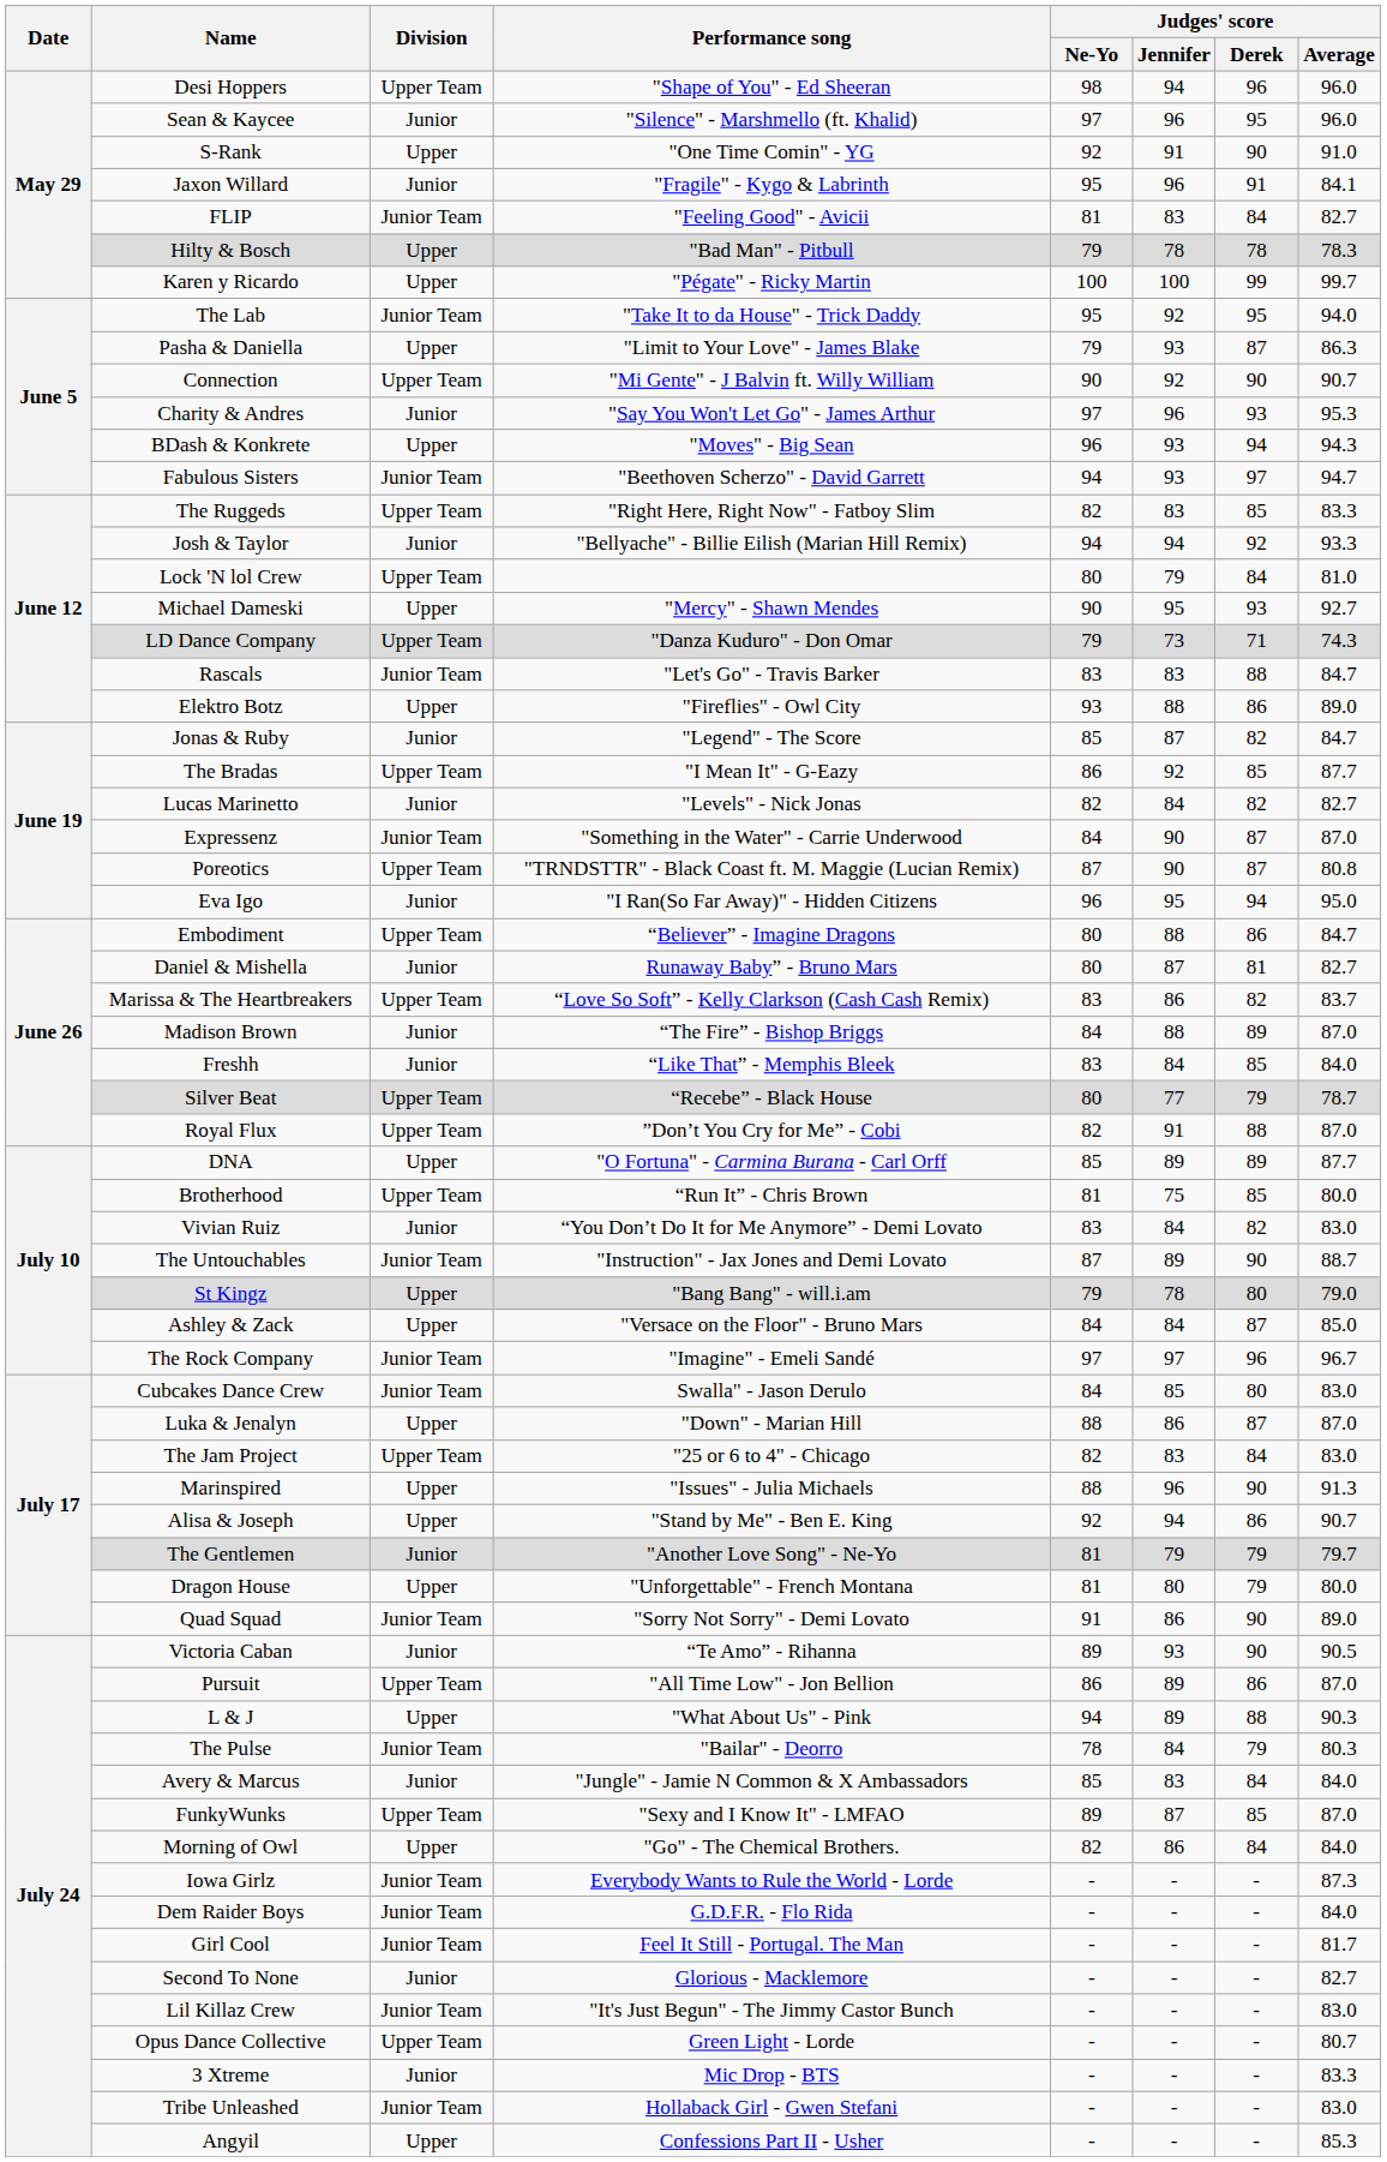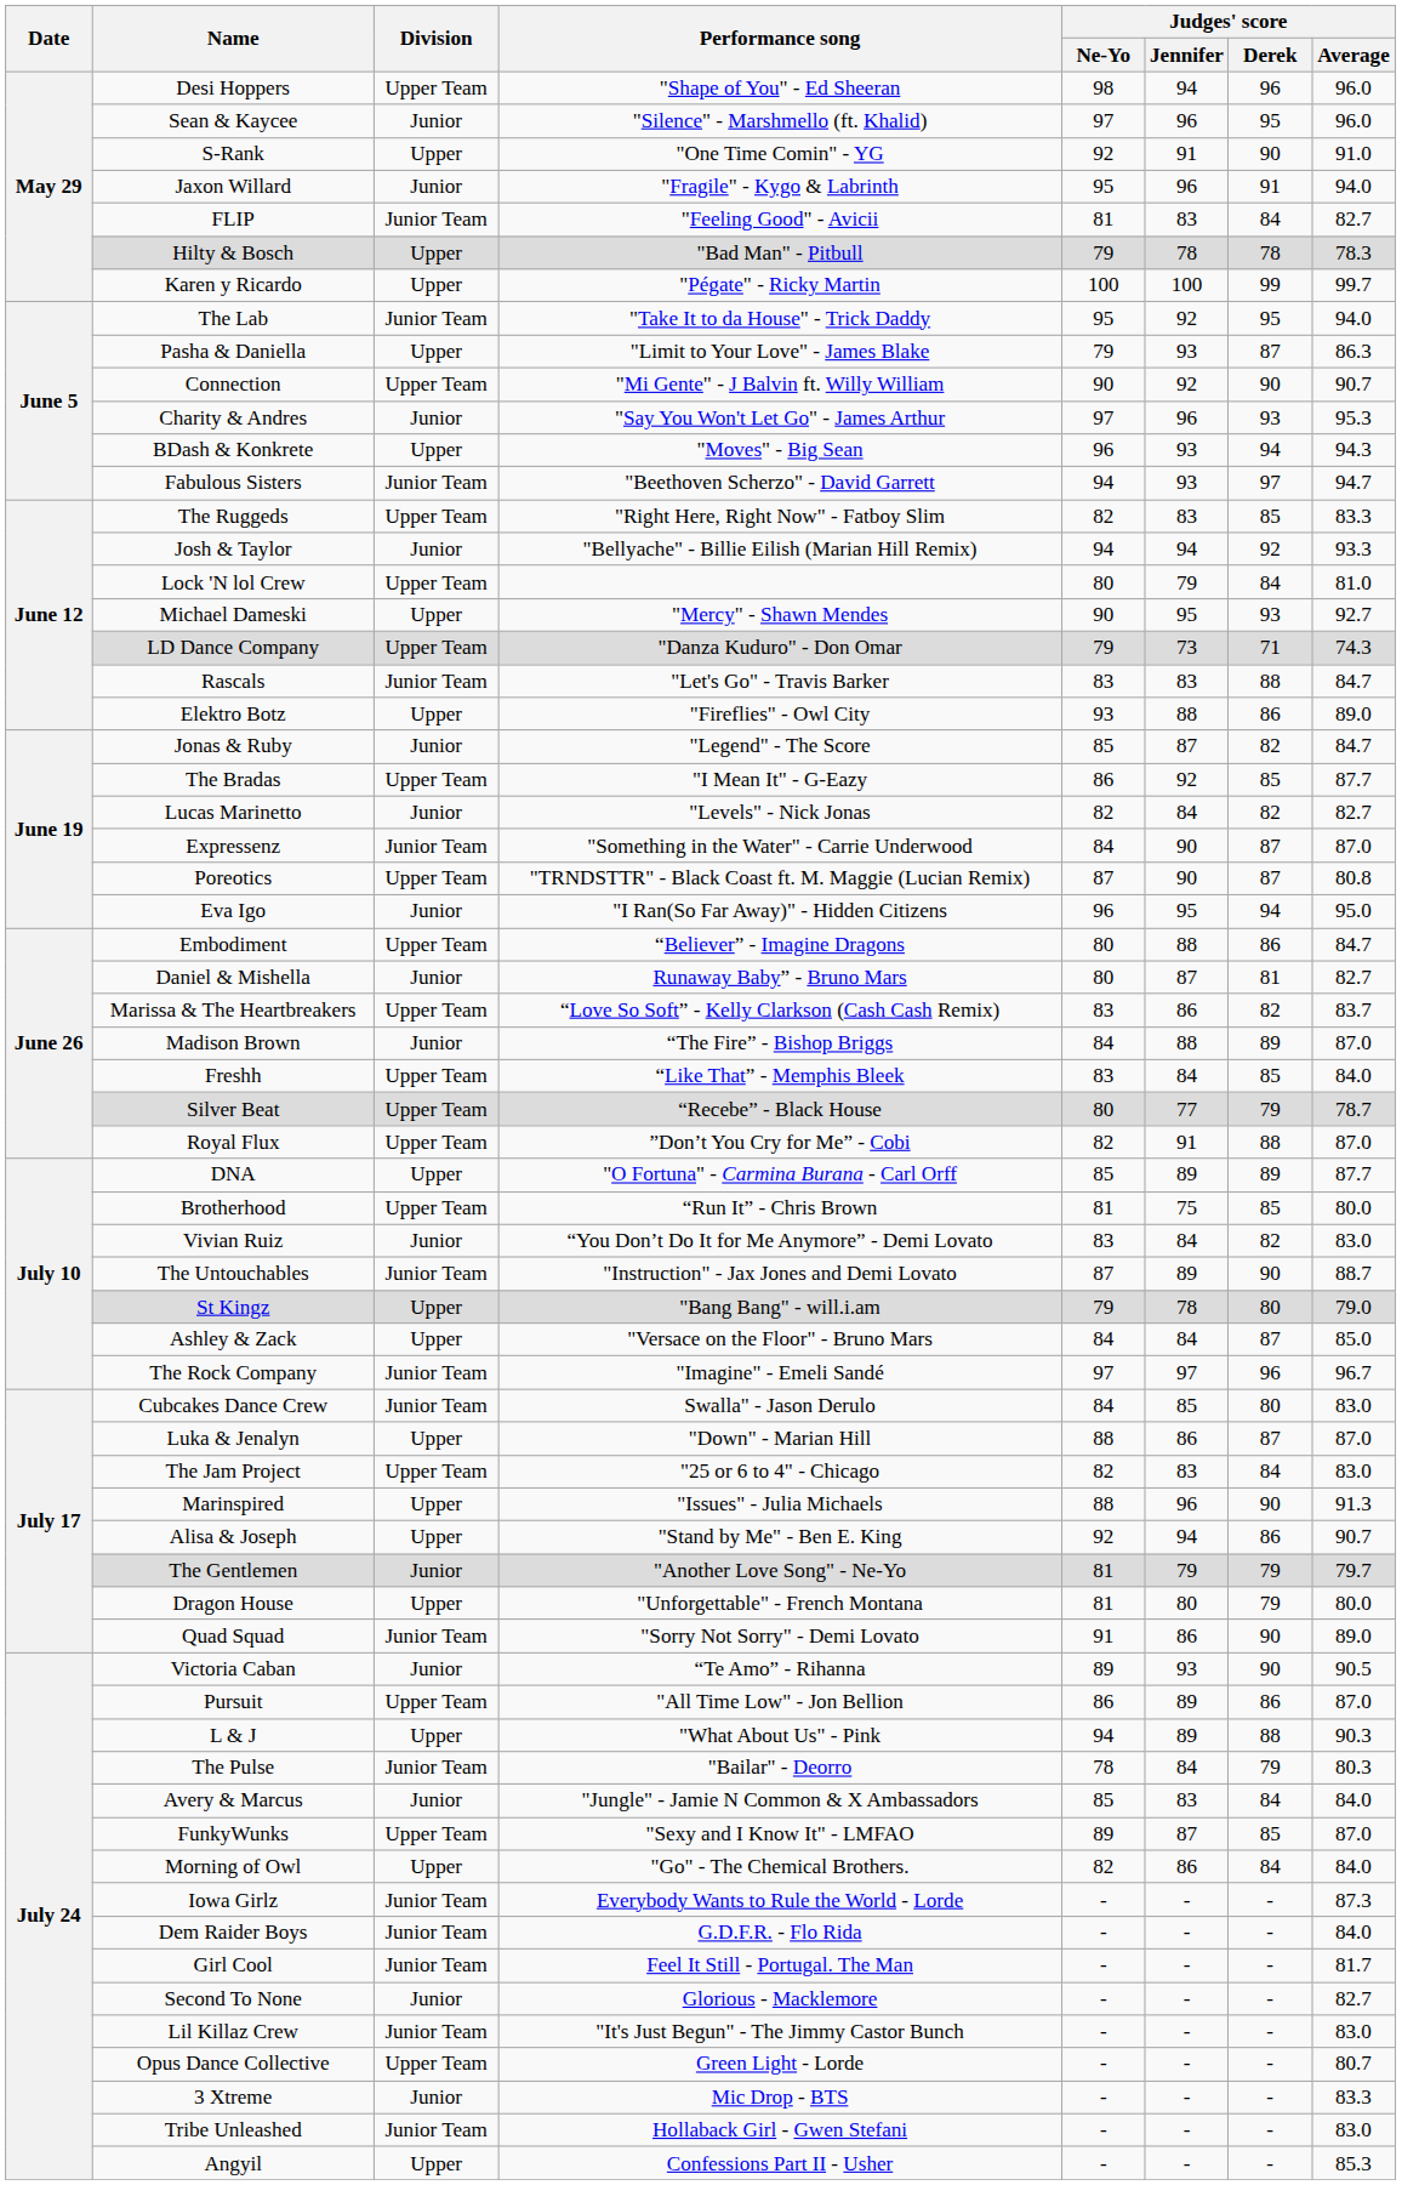 <table class="wikitable sortable" style="text-align:center;">
 <tr>
 <th scope="col" rowspan="2">Date</th>
 <th scope="col" rowspan="2">Name</th>
 <th scope="col" rowspan="2">Division</th>
 <th scope="col" rowspan="2" class="unsortable">Performance song</th>
 <th scope="col" colspan="4">Judges' score</th>
 </tr>
 <tr>
 <th style="width:06%;">Ne-Yo</th>
 <th style="width:06%;">Jennifer</th>
 <th style="width:06%;">Derek</th>
 <th style="width:06%;">Average</th>
 </tr>
 <tr>
 <th scope="row" rowspan="7">May 29</th>
 <td>Desi Hoppers</td>
 <td>Upper Team</td>
 <td>"<a href='#'>Shape of You</a>" - <a href='#'>Ed Sheeran</a></td>
 <td>98</td>
 <td>94</td>
 <td>96</td>
 <td>96.0</td>
 </tr>
 <tr>
 <td>Sean & Kaycee</td>
 <td>Junior</td>
 <td>"<a href='#'>Silence</a>" - <a href='#'>Marshmello</a> (ft. <a href='#'>Khalid</a>)</td>
 <td>97</td>
 <td>96</td>
 <td>95</td>
 <td>96.0</td>
 </tr>
 <tr>
 <td>S-Rank</td>
 <td>Upper</td>
 <td>"One Time Comin" - <a href='#'>YG</a></td>
 <td>92</td>
 <td>91</td>
 <td>90</td>
 <td>91.0</td>
 </tr>
 <tr>
 <td>Jaxon Willard</td>
 <td>Junior</td>
 <td>"<a href='#'>Fragile</a>" - <a href='#'>Kygo</a> & <a href='#'>Labrinth</a></td>
 <td>95</td>
 <td>96</td>
 <td>91</td>
-<td>84.1</td>
+<td>94.0</td>
 </tr>
 <tr>
 <td>FLIP</td>
 <td>Junior Team</td>
 <td>"<a href='#'>Feeling Good</a>" - <a href='#'>Avicii</a></td>
 <td>81</td>
 <td>83</td>
 <td>84</td>
 <td>82.7</td>
 </tr>
 <tr style="background:#DCDCDC;">
 <td>Hilty & Bosch</td>
 <td>Upper</td>
 <td>"Bad Man" - <a href='#'>Pitbull</a></td>
 <td>79</td>
 <td>78</td>
 <td>78</td>
 <td>78.3</td>
 </tr>
 <tr>
 <td>Karen y Ricardo</td>
 <td>Upper</td>
 <td>"<a href='#'>Pégate</a>" - <a href='#'>Ricky Martin</a></td>
 <td>100</td>
 <td>100</td>
 <td>99</td>
 <td>99.7</td>
 </tr>
 <tr>
 <th scope="row" rowspan="6">June 5</th>
 <td>The Lab</td>
 <td>Junior Team</td>
 <td>"<a href='#'>Take It to da House</a>" - <a href='#'>Trick Daddy</a></td>
 <td>95</td>
 <td>92</td>
 <td>95</td>
 <td>94.0</td>
 </tr>
 <tr>
 <td>Pasha & Daniella</td>
 <td>Upper</td>
 <td>"Limit to Your Love" - <a href='#'>James Blake</a></td>
 <td>79</td>
 <td>93</td>
 <td>87</td>
 <td>86.3</td>
 </tr>
 <tr>
 <td>Connection</td>
 <td>Upper Team</td>
 <td>"<a href='#'>Mi Gente</a>" - <a href='#'>J Balvin</a> ft. <a href='#'>Willy William</a></td>
 <td>90</td>
 <td>92</td>
 <td>90</td>
 <td>90.7</td>
 </tr>
 <tr>
 <td>Charity & Andres</td>
 <td>Junior</td>
 <td>"<a href='#'>Say You Won't Let Go</a>" - <a href='#'>James Arthur</a></td>
 <td>97</td>
 <td>96</td>
 <td>93</td>
 <td>95.3</td>
 </tr>
 <tr>
 <td>BDash & Konkrete</td>
 <td>Upper</td>
 <td>"<a href='#'>Moves</a>" - <a href='#'>Big Sean</a></td>
 <td>96</td>
 <td>93</td>
 <td>94</td>
 <td>94.3</td>
 </tr>
 <tr>
 <td>Fabulous Sisters</td>
 <td>Junior Team</td>
 <td>"Beethoven Scherzo" - <a href='#'>David Garrett</a></td>
 <td>94</td>
 <td>93</td>
 <td>97</td>
 <td>94.7</td>
 </tr>
 <tr>
 <th scope="row" rowspan="7">June 12</th>
 <td>The Ruggeds</td>
 <td>Upper Team</td>
 <td>"Right Here, Right Now" - Fatboy Slim</td>
 <td>82</td>
 <td>83</td>
 <td>85</td>
 <td>83.3</td>
 </tr>
 <tr>
 <td>Josh & Taylor</td>
 <td>Junior</td>
 <td>"Bellyache" - Billie Eilish (Marian Hill Remix)</td>
 <td>94</td>
 <td>94</td>
 <td>92</td>
 <td>93.3</td>
 </tr>
 <tr>
 <td>Lock 'N lol Crew</td>
 <td>Upper Team</td>
 <td></td>
 <td>80</td>
 <td>79</td>
 <td>84</td>
 <td>81.0</td>
 </tr>
 <tr>
 <td>Michael Dameski</td>
 <td>Upper</td>
 <td>"<a href='#'>Mercy</a>" - <a href='#'>Shawn Mendes</a></td>
 <td>90</td>
 <td>95</td>
 <td>93</td>
 <td>92.7</td>
 </tr>
 <tr style="background:#DCDCDC;">
 <td>LD Dance Company</td>
 <td>Upper Team</td>
 <td>"Danza Kuduro" - Don Omar</td>
 <td>79</td>
 <td>73</td>
 <td>71</td>
 <td>74.3</td>
 </tr>
 <tr>
 <td>Rascals</td>
 <td>Junior Team</td>
 <td>"Let's Go" - Travis Barker</td>
 <td>83</td>
 <td>83</td>
 <td>88</td>
 <td>84.7</td>
 </tr>
 <tr>
 <td>Elektro Botz</td>
 <td>Upper</td>
 <td>"Fireflies" - Owl City</td>
 <td>93</td>
 <td>88</td>
 <td>86</td>
 <td>89.0</td>
 </tr>
 <tr>
 <th scope="row" rowspan="6">June 19</th>
 <td>Jonas & Ruby</td>
 <td>Junior</td>
 <td>"Legend" - The Score</td>
 <td>85</td>
 <td>87</td>
 <td>82</td>
 <td>84.7</td>
 </tr>
 <tr>
 <td>The Bradas</td>
 <td>Upper Team</td>
 <td>"I Mean It" - G-Eazy</td>
 <td>86</td>
 <td>92</td>
 <td>85</td>
 <td>87.7</td>
 </tr>
 <tr>
 <td>Lucas Marinetto</td>
 <td>Junior</td>
 <td>"Levels" - Nick Jonas</td>
 <td>82</td>
 <td>84</td>
 <td>82</td>
 <td>82.7</td>
 </tr>
 <tr>
 <td>Expressenz</td>
 <td>Junior Team</td>
 <td>"Something in the Water" - Carrie Underwood</td>
 <td>84</td>
 <td>90</td>
 <td>87</td>
 <td>87.0</td>
 </tr>
 <tr>
 <td>Poreotics</td>
 <td>Upper Team</td>
 <td>"TRNDSTTR" - Black Coast ft. M. Maggie (Lucian Remix)</td>
 <td>87</td>
 <td>90</td>
 <td>87</td>
 <td>80.8</td>
 </tr>
 <tr>
 <td>Eva Igo</td>
 <td>Junior</td>
 <td>"I Ran(So Far Away)" - Hidden Citizens</td>
 <td>96</td>
 <td>95</td>
 <td>94</td>
 <td>95.0</td>
 </tr>
 <tr>
 <th scope="row" rowspan="7">June 26</th>
 <td>Embodiment</td>
 <td>Upper Team</td>
 <td>“<a href='#'>Believer</a>” - <a href='#'>Imagine Dragons</a></td>
 <td>80</td>
 <td>88</td>
 <td>86</td>
 <td>84.7</td>
 </tr>
 <tr>
 <td>Daniel & Mishella</td>
 <td>Junior</td>
 <td><a href='#'>Runaway Baby</a>” - <a href='#'>Bruno Mars</a></td>
 <td>80</td>
 <td>87</td>
 <td>81</td>
 <td>82.7</td>
 </tr>
 <tr>
 <td>Marissa & The Heartbreakers</td>
 <td>Upper Team</td>
 <td>“<a href='#'>Love So Soft</a>” - <a href='#'>Kelly Clarkson</a> (<a href='#'>Cash Cash</a> Remix)</td>
 <td>83</td>
 <td>86</td>
 <td>82</td>
 <td>83.7</td>
 </tr>
 <tr>
 <td>Madison Brown</td>
 <td>Junior</td>
 <td>“The Fire” - <a href='#'>Bishop Briggs</a></td>
 <td>84</td>
 <td>88</td>
 <td>89</td>
 <td>87.0</td>
 </tr>
 <tr>
 <td>Freshh</td>
-<td>Junior</td>
+<td>Upper Team</td>
 <td>“<a href='#'>Like That</a>” - <a href='#'>Memphis Bleek</a></td>
 <td>83</td>
 <td>84</td>
 <td>85</td>
 <td>84.0</td>
 </tr>
 <tr style="background:#DCDCDC;">
 <td>Silver Beat</td>
 <td>Upper Team</td>
 <td>“Recebe” - Black House</td>
 <td>80</td>
 <td>77</td>
 <td>79</td>
 <td>78.7</td>
 </tr>
 <tr>
 <td>Royal Flux</td>
 <td>Upper Team</td>
 <td>”Don’t You Cry for Me” - <a href='#'>Cobi</a></td>
 <td>82</td>
 <td>91</td>
 <td>88</td>
 <td>87.0</td>
 </tr>
 <tr>
 <th scope="row" rowspan="7">July 10</th>
 <td>DNA</td>
 <td>Upper</td>
 <td>"<a href='#'>O Fortuna</a>" - <em><a href='#'>Carmina Burana</a></em> - <a href='#'>Carl Orff</a></td>
 <td>85</td>
 <td>89</td>
 <td>89</td>
 <td>87.7</td>
 </tr>
 <tr>
 <td>Brotherhood</td>
 <td>Upper Team</td>
 <td>“Run It” - Chris Brown</td>
 <td>81</td>
 <td>75</td>
 <td>85</td>
 <td>80.0</td>
 </tr>
 <tr>
 <td>Vivian Ruiz</td>
 <td>Junior</td>
 <td>“You Don’t Do It for Me Anymore” - Demi Lovato</td>
 <td>83</td>
 <td>84</td>
 <td>82</td>
 <td>83.0</td>
 </tr>
 <tr>
 <td>The Untouchables</td>
 <td>Junior Team</td>
 <td>"Instruction" - Jax Jones and Demi Lovato</td>
 <td>87</td>
 <td>89</td>
 <td>90</td>
 <td>88.7</td>
 </tr>
 <tr style="background:#DCDCDC;">
 <td><a href='#'>St Kingz</a></td>
 <td>Upper</td>
 <td>"Bang Bang" - will.i.am</td>
 <td>79</td>
 <td>78</td>
 <td>80</td>
 <td>79.0</td>
 </tr>
 <tr>
 <td>Ashley & Zack</td>
 <td>Upper</td>
 <td>"Versace on the Floor" - Bruno Mars</td>
 <td>84</td>
 <td>84</td>
 <td>87</td>
 <td>85.0</td>
 </tr>
 <tr>
 <td>The Rock Company</td>
 <td>Junior Team</td>
 <td>"Imagine" - Emeli Sandé</td>
 <td>97</td>
 <td>97</td>
 <td>96</td>
 <td>96.7</td>
 </tr>
 <tr>
 <th scope="row" rowspan="8">July 17</th>
 <td>Cubcakes Dance Crew</td>
 <td>Junior Team</td>
 <td>Swalla" - Jason Derulo</td>
 <td>84</td>
 <td>85</td>
 <td>80</td>
 <td>83.0</td>
 </tr>
 <tr>
 <td>Luka & Jenalyn</td>
 <td>Upper</td>
 <td>"Down" - Marian Hill</td>
 <td>88</td>
 <td>86</td>
 <td>87</td>
 <td>87.0</td>
 </tr>
 <tr>
 <td>The Jam Project</td>
 <td>Upper Team</td>
 <td>"25 or 6 to 4" - Chicago</td>
 <td>82</td>
 <td>83</td>
 <td>84</td>
 <td>83.0</td>
 </tr>
 <tr>
 <td>Marinspired</td>
 <td>Upper</td>
 <td>"Issues" - Julia Michaels</td>
 <td>88</td>
 <td>96</td>
 <td>90</td>
 <td>91.3</td>
 </tr>
 <tr>
 <td>Alisa & Joseph</td>
 <td>Upper</td>
 <td>"Stand by Me" - Ben E. King</td>
 <td>92</td>
 <td>94</td>
 <td>86</td>
 <td>90.7</td>
 </tr>
 <tr style="background:#DCDCDC;">
 <td>The Gentlemen</td>
 <td>Junior</td>
 <td>"Another Love Song" - Ne-Yo</td>
 <td>81</td>
 <td>79</td>
 <td>79</td>
 <td>79.7</td>
 </tr>
 <tr>
 <td>Dragon House</td>
 <td>Upper</td>
 <td>"Unforgettable" - French Montana</td>
 <td>81</td>
 <td>80</td>
 <td>79</td>
 <td>80.0</td>
 </tr>
 <tr>
 <td>Quad Squad</td>
 <td>Junior Team</td>
 <td>"Sorry Not Sorry" - Demi Lovato</td>
 <td>91</td>
 <td>86</td>
 <td>90</td>
 <td>89.0</td>
 </tr>
 <tr>
 <th scope="row" rowspan="16">July 24</th>
 <td>Victoria Caban</td>
 <td>Junior</td>
 <td>“Te Amo” - Rihanna</td>
 <td>89</td>
 <td>93</td>
 <td>90</td>
 <td>90.5</td>
 </tr>
 <tr>
 <td>Pursuit</td>
 <td>Upper Team</td>
 <td>"All Time Low" - Jon Bellion</td>
 <td>86</td>
 <td>89</td>
 <td>86</td>
 <td>87.0</td>
 </tr>
 <tr>
 <td>L & J</td>
 <td>Upper</td>
 <td>"What About Us" - Pink</td>
 <td>94</td>
 <td>89</td>
 <td>88</td>
 <td>90.3</td>
 </tr>
 <tr>
 <td>The Pulse</td>
 <td>Junior Team</td>
 <td>"Bailar" - <a href='#'>Deorro</a></td>
 <td>78</td>
 <td>84</td>
 <td>79</td>
 <td>80.3</td>
 </tr>
 <tr>
 <td>Avery & Marcus</td>
 <td>Junior</td>
 <td>"Jungle" - Jamie N Common & X Ambassadors</td>
 <td>85</td>
 <td>83</td>
 <td>84</td>
 <td>84.0</td>
 </tr>
 <tr>
 <td>FunkyWunks</td>
 <td>Upper Team</td>
 <td>"Sexy and I Know It" - LMFAO</td>
 <td>89</td>
 <td>87</td>
 <td>85</td>
 <td>87.0</td>
 </tr>
 <tr>
 <td>Morning of Owl</td>
 <td>Upper</td>
 <td>"Go" - The Chemical Brothers.</td>
 <td>82</td>
 <td>86</td>
 <td>84</td>
 <td>84.0</td>
 </tr>
 <tr>
 <td>Iowa Girlz</td>
 <td>Junior Team</td>
 <td><a href='#'>Everybody Wants to Rule the World</a> - <a href='#'>Lorde</a></td>
 <td>-</td>
 <td>-</td>
 <td>-</td>
 <td>87.3</td>
 </tr>
 <tr>
 <td>Dem Raider Boys</td>
 <td>Junior Team</td>
 <td><a href='#'>G.D.F.R.</a> - <a href='#'>Flo Rida</a></td>
 <td>-</td>
 <td>-</td>
 <td>-</td>
 <td>84.0</td>
 </tr>
 <tr>
 <td>Girl Cool</td>
 <td>Junior Team</td>
 <td><a href='#'>Feel It Still</a> - <a href='#'>Portugal. The Man</a></td>
 <td>-</td>
 <td>-</td>
 <td>-</td>
 <td>81.7</td>
 </tr>
 <tr>
 <td>Second To None</td>
 <td>Junior</td>
 <td><a href='#'>Glorious</a> - <a href='#'>Macklemore</a></td>
 <td>-</td>
 <td>-</td>
 <td>-</td>
 <td>82.7</td>
 </tr>
 <tr>
 <td>Lil Killaz Crew</td>
 <td>Junior Team</td>
 <td>"It's Just Begun" - The Jimmy Castor Bunch</td>
 <td>-</td>
 <td>-</td>
 <td>-</td>
 <td>83.0</td>
 </tr>
 <tr>
 <td>Opus Dance Collective</td>
 <td>Upper Team</td>
 <td><a href='#'>Green Light</a> - Lorde</td>
 <td>-</td>
 <td>-</td>
 <td>-</td>
 <td>80.7</td>
 </tr>
 <tr>
 <td>3 Xtreme</td>
 <td>Junior</td>
 <td><a href='#'>Mic Drop</a> - <a href='#'>BTS</a></td>
 <td>-</td>
 <td>-</td>
 <td>-</td>
 <td>83.3</td>
 </tr>
 <tr>
 <td>Tribe Unleashed</td>
 <td>Junior Team</td>
 <td><a href='#'>Hollaback Girl</a> - <a href='#'>Gwen Stefani</a></td>
 <td>-</td>
 <td>-</td>
 <td>-</td>
 <td>83.0</td>
 </tr>
 <tr>
 <td>Angyil</td>
 <td>Upper</td>
 <td><a href='#'>Confessions Part II</a> - <a href='#'>Usher</a></td>
 <td>-</td>
 <td>-</td>
 <td>-</td>
 <td>85.3</td>
 </tr>
 </table>
